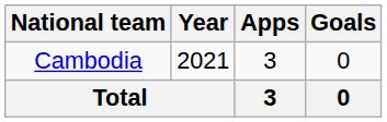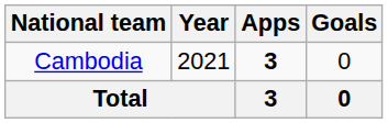 <table class="wikitable" style="text-align:center">
 <tr>
 <th>National team</th>
 <th>Year</th>
 <th>Apps</th>
 <th>Goals</th>
 </tr>
 <tr>
 <td rowspan="1"><a href='#'>Cambodia</a></td>
 <td>2021</td>
-<td>3</td>
+<td><strong>3</strong></td>
 <td>0</td>
 </tr>
 <tr>
 <th colspan=2>Total</th>
 <th>3</th>
 <th>0</th>
 </tr>
 </table>
